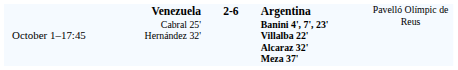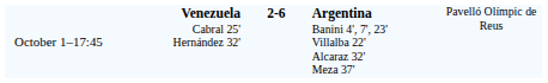 <table style="width: 100%; background:#F5FAFF;" cellspacing="0">
 <tr>
 <td style=font-size:95% align=center rowspan=3 width=20%>October 1–17:45</td>
 </tr>
 <tr>
 <td width=24% align=right><strong>Venezuela</strong></td>
 <td align=center width=13%><strong>2-6</strong></td>
 <td width=24%><strong>Argentina</strong></td>
 <td style=font-size:85% rowspan=3 valign=top align=center>Pavelló Olímpic de Reus</td>
 </tr>
 <tr style=font-size:85%>
 <td align=right valign=top>Cabral 25'<br>Hernández 32'</td>
 <td></td>
-<td valign=top><strong>Banini 4', 7', 23'<br>Villalba 22'<br>Alcaraz 32'<br>Meza 37'</strong></td>
+<td valign=top>Banini 4', 7', 23'<br>Villalba 22'<br>Alcaraz 32'<br>Meza 37'</td>
 </tr>
 </table>
